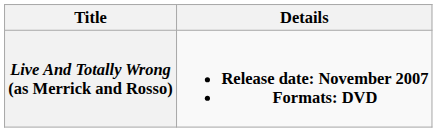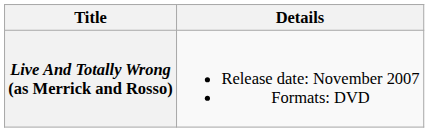 <table class="wikitable plainrowheaders" style="text-align:center;">
 <tr>
 <th>Title</th>
 <th>Details</th>
 </tr>
 <tr>
 <th scope="row"><em>Live And Totally Wrong</em> <br> (as Merrick and Rosso)</th>
-<td><strong><br><ul><li>Release date: November 2007</li><li>Formats: DVD</li></ul></strong></td>
+<td><br><ul><li>Release date: November 2007</li><li>Formats: DVD</li></ul></td>
 </tr>
 </table>
